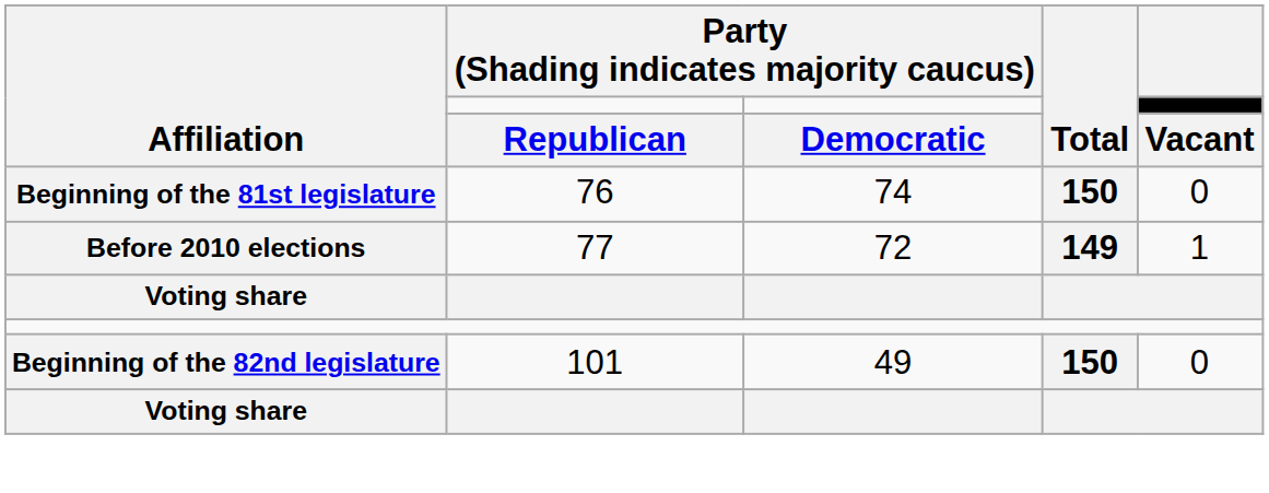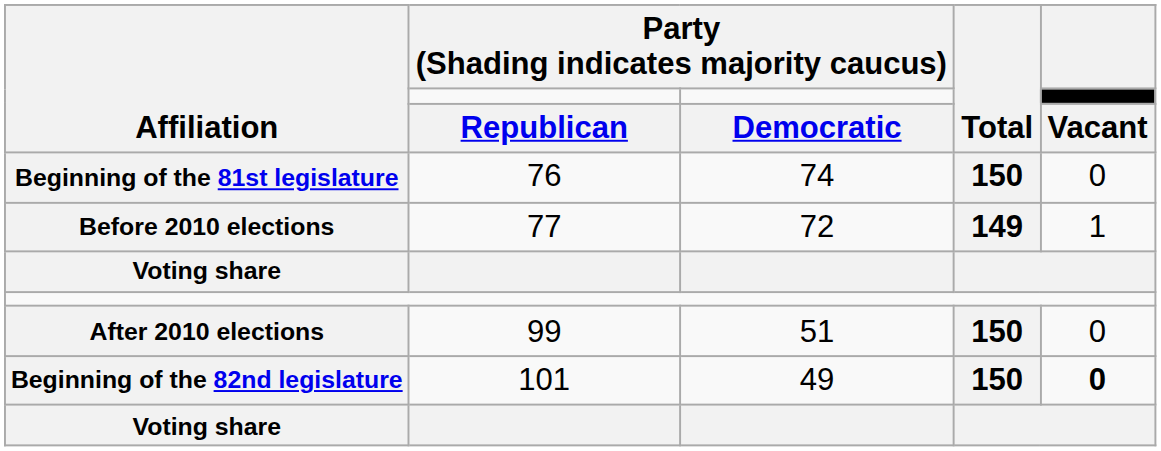 <table class=wikitable style="text-align:center">
 <tr style="vertical-align:bottom;">
 <th rowspan=3>Affiliation</th>
 <th colspan=2>Party <div>(Shading indicates majority caucus)</div></th>
 <th rowspan=3>Total</th>
 <th></th>
 </tr>
 <tr style="height:5px">
 <td style="background-color:"></td>
 <td style="background-color:"></td>
 <td style="background-color:black"></td>
 </tr>
 <tr>
 <th><a href='#'>Republican</a></th>
 <th><a href='#'>Democratic</a></th>
 <th>Vacant</th>
 </tr>
 <tr>
 <th nowrap style="font-size:80%">Beginning of the <a href='#'>81st legislature</a></th>
 <td>76</td>
 <td>74</td>
 <th>150</th>
 <td>0</td>
 </tr>
 <tr>
 <th nowrap style="font-size:80%">Before 2010 elections</th>
 <td>77</td>
 <td>72</td>
 <th>149</th>
 <td>1</td>
 </tr>
 <tr>
 <th nowrap style="font-size:80%">Voting share</th>
 <th></th>
 <th></th>
 <th colspan=2></th>
 </tr>
 <tr>
 <td colspan=5></td>
 </tr>
 <tr>
+<th nowrap style="font-size:80%">After 2010 elections</th>
+<td>99</td>
+<td>51</td>
+<th>150</th>
+<td>0</td>
+</tr>
+<tr>
 <th nowrap style="font-size:80%">Beginning of the <a href='#'>82nd legislature</a></th>
 <td>101</td>
 <td>49</td>
 <th>150</th>
-<td>0</td>
+<td><strong>0</strong></td>
 </tr>
 <tr>
 <th nowrap style="font-size:80%">Voting share</th>
 <th></th>
 <th></th>
 <th colspan=2></th>
 </tr>
 </table>
